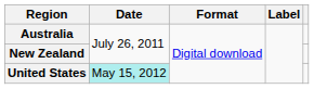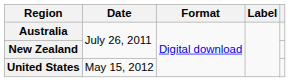 <table class="wikitable plainrowheaders">
 <tr>
 <th scope="col">Region</th>
 <th scope="col">Date</th>
 <th scope="col">Format</th>
 <th scope="col">Label</th>
 <th scope="col"></th>
 </tr>
 <tr>
 <th scope="row">Australia</th>
 <td rowspan="2">July 26, 2011</td>
 <td rowspan="3"><a href='#'>Digital download</a></td>
 <td rowspan="3"></td>
 <td align="center"></td>
 </tr>
 <tr>
 <th scope="row">New Zealand</th>
 <td align="center"></td>
 </tr>
 <tr>
 <th scope="row">United States</th>
-<td style="background: paleturquoise;">May 15, 2012</td>
+<td>May 15, 2012</td>
 <td align="center"></td>
 </tr>
 </table>
